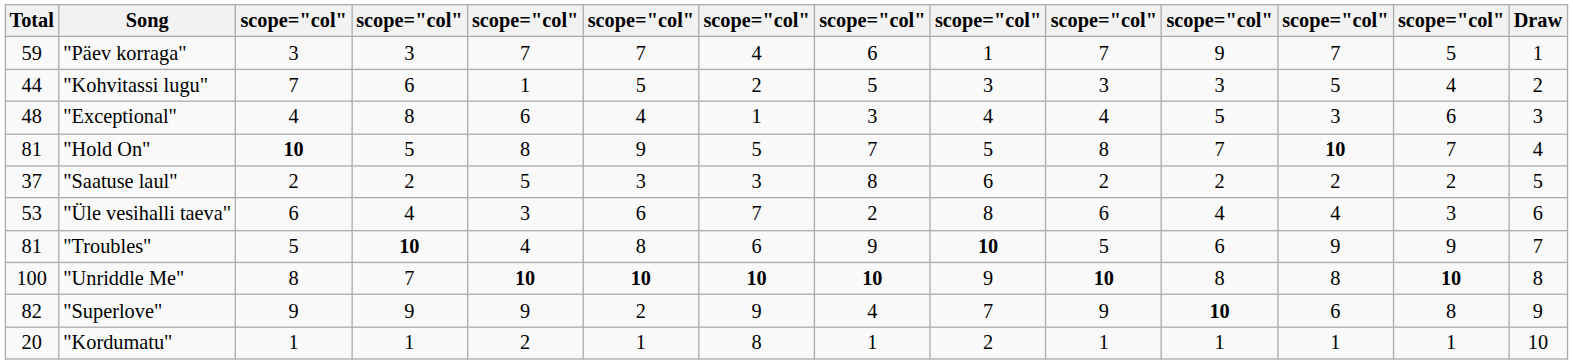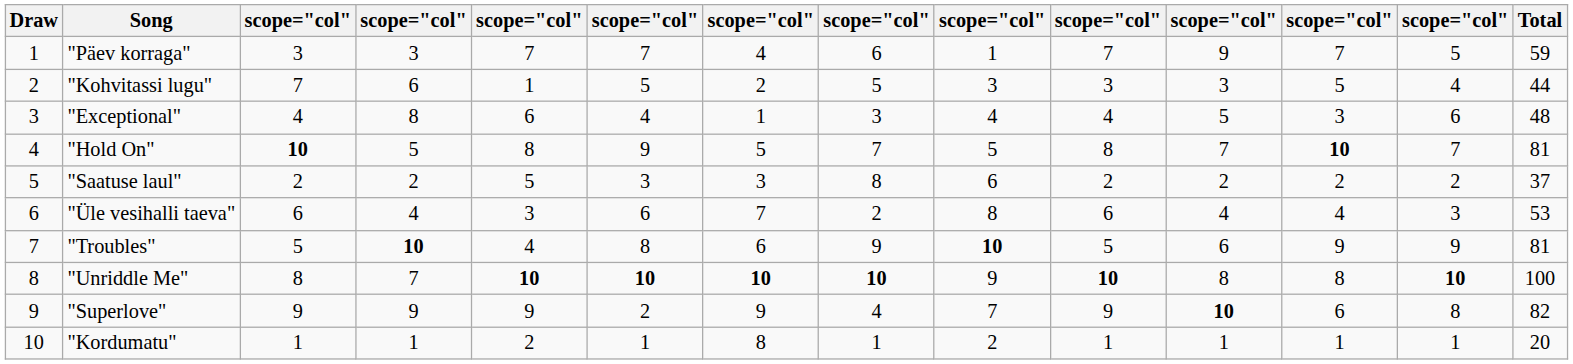 <table class="wikitable collapsible" style="margin: 1em auto 1em auto; text-align:center;">
 <tr>
-<th>Total</th>
+<th>Draw</th>
 <th>Song</th>
 <th>scope="col" </th>
 <th>scope="col" </th>
 <th>scope="col" </th>
 <th>scope="col" </th>
 <th>scope="col" </th>
 <th>scope="col" </th>
 <th>scope="col" </th>
 <th>scope="col" </th>
 <th>scope="col" </th>
 <th>scope="col" </th>
 <th>scope="col" </th>
-<th>Draw</th>
+<th>Total</th>
 </tr>
 <tr>
-<td>59</td>
+<td>1</td>
 <td align="left">"Päev korraga"</td>
 <td>3</td>
 <td>3</td>
 <td>7</td>
 <td>7</td>
 <td>4</td>
 <td>6</td>
 <td>1</td>
 <td>7</td>
 <td>9</td>
 <td>7</td>
 <td>5</td>
-<td>1</td>
+<td>59</td>
 </tr>
 <tr>
-<td>44</td>
+<td>2</td>
 <td align="left">"Kohvitassi lugu"</td>
 <td>7</td>
 <td>6</td>
 <td>1</td>
 <td>5</td>
 <td>2</td>
 <td>5</td>
 <td>3</td>
 <td>3</td>
 <td>3</td>
 <td>5</td>
 <td>4</td>
-<td>2</td>
+<td>44</td>
 </tr>
 <tr>
-<td>48</td>
+<td>3</td>
 <td align="left">"Exceptional"</td>
 <td>4</td>
 <td>8</td>
 <td>6</td>
 <td>4</td>
 <td>1</td>
 <td>3</td>
 <td>4</td>
 <td>4</td>
 <td>5</td>
 <td>3</td>
 <td>6</td>
-<td>3</td>
+<td>48</td>
 </tr>
 <tr>
-<td>81</td>
+<td>4</td>
 <td align="left">"Hold On"</td>
 <td><strong>10</strong></td>
 <td>5</td>
 <td>8</td>
 <td>9</td>
 <td>5</td>
 <td>7</td>
 <td>5</td>
 <td>8</td>
 <td>7</td>
 <td><strong>10</strong></td>
 <td>7</td>
-<td>4</td>
+<td>81</td>
 </tr>
 <tr>
-<td>37</td>
+<td>5</td>
 <td align="left">"Saatuse laul"</td>
 <td>2</td>
 <td>2</td>
 <td>5</td>
 <td>3</td>
 <td>3</td>
 <td>8</td>
 <td>6</td>
 <td>2</td>
 <td>2</td>
 <td>2</td>
 <td>2</td>
-<td>5</td>
+<td>37</td>
 </tr>
 <tr>
-<td>53</td>
+<td>6</td>
 <td align="left">"Üle vesihalli taeva"</td>
 <td>6</td>
 <td>4</td>
 <td>3</td>
 <td>6</td>
 <td>7</td>
 <td>2</td>
 <td>8</td>
 <td>6</td>
 <td>4</td>
 <td>4</td>
 <td>3</td>
-<td>6</td>
+<td>53</td>
 </tr>
 <tr>
-<td>81</td>
+<td>7</td>
 <td align="left">"Troubles"</td>
 <td>5</td>
 <td><strong>10</strong></td>
 <td>4</td>
 <td>8</td>
 <td>6</td>
 <td>9</td>
 <td><strong>10</strong></td>
 <td>5</td>
 <td>6</td>
 <td>9</td>
 <td>9</td>
-<td>7</td>
+<td>81</td>
 </tr>
 <tr>
-<td>100</td>
+<td>8</td>
 <td align="left">"Unriddle Me"</td>
 <td>8</td>
 <td>7</td>
 <td><strong>10</strong></td>
 <td><strong>10</strong></td>
 <td><strong>10</strong></td>
 <td><strong>10</strong></td>
 <td>9</td>
 <td><strong>10</strong></td>
 <td>8</td>
 <td>8</td>
 <td><strong>10</strong></td>
-<td>8</td>
+<td>100</td>
 </tr>
 <tr>
-<td>82</td>
+<td>9</td>
 <td align="left">"Superlove"</td>
 <td>9</td>
 <td>9</td>
 <td>9</td>
 <td>2</td>
 <td>9</td>
 <td>4</td>
 <td>7</td>
 <td>9</td>
 <td><strong>10</strong></td>
 <td>6</td>
 <td>8</td>
-<td>9</td>
+<td>82</td>
 </tr>
 <tr>
-<td>20</td>
+<td>10</td>
 <td align="left">"Kordumatu"</td>
 <td>1</td>
 <td>1</td>
 <td>2</td>
 <td>1</td>
 <td>8</td>
 <td>1</td>
 <td>2</td>
 <td>1</td>
 <td>1</td>
 <td>1</td>
 <td>1</td>
-<td>10</td>
+<td>20</td>
 </tr>
 </table>
